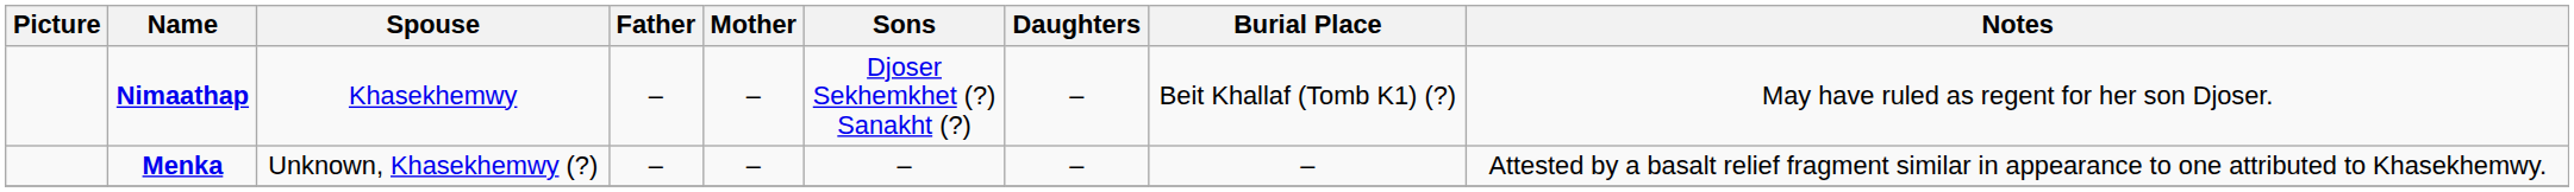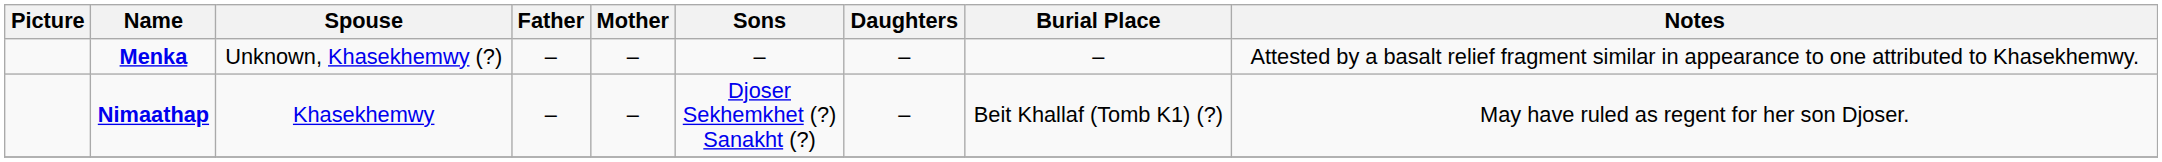 <table width=100% class="wikitable" style="text-align:center;">
 <tr>
 <th>Picture</th>
 <th>Name</th>
 <th>Spouse</th>
 <th>Father</th>
 <th>Mother</th>
 <th>Sons</th>
 <th>Daughters</th>
 <th>Burial Place</th>
 <th>Notes</th>
 </tr>
 <tr>
 <td></td>
+<td><a href='#'><strong>Menka</strong></a></td>
+<td>Unknown, <a href='#'>Khasekhemwy</a> (?)</td>
+<td>–</td>
+<td>–</td>
+<td>–</td>
+<td>–</td>
+<td>–</td>
+<td>Attested by a basalt relief fragment similar in appearance to one attributed to Khasekhemwy.</td>
+</tr>
+<tr>
+<td></td>
 <td><strong><a href='#'>Nimaathap</a></strong></td>
 <td><a href='#'>Khasekhemwy</a></td>
 <td>–</td>
 <td>–</td>
 <td><a href='#'>Djoser</a><br><a href='#'>Sekhemkhet</a> (?)<br><a href='#'>Sanakht</a> (?)</td>
 <td>–</td>
 <td>Beit Khallaf (Tomb K1) (?)</td>
 <td>May have ruled as regent for her son Djoser.</td>
 </tr>
 <tr>
-<td></td>
-<td><a href='#'><strong>Menka</strong></a></td>
-<td>Unknown, <a href='#'>Khasekhemwy</a> (?)</td>
-<td>–</td>
-<td>–</td>
-<td>–</td>
-<td>–</td>
-<td>–</td>
-<td>Attested by a basalt relief fragment similar in appearance to one attributed to Khasekhemwy.</td>
-</tr>
-<tr>
 </tr>
 </table>
